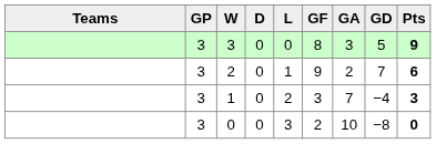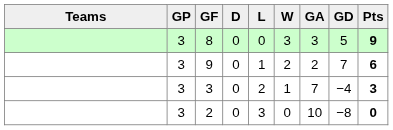 <table style=border-collapse:collapse border=1 cellspacing=0 cellpadding=5>
 <tr align=center bgcolor=#efefef>
 <th width=185>Teams</th>
 <th width=20>GP</th>
-<th width=20>W</th>
+<th width=20>GF</th>
 <th width=20>D</th>
 <th width=20>L</th>
-<th width=20>GF</th>
+<th width=20>W</th>
 <th width=20>GA</th>
 <th width=20>GD</th>
 <th width=20>Pts</th>
 </tr>
 <tr align=center style="background:#ccffcc;">
 <td style="text-align:left;"></td>
 <td>3</td>
-<td>3</td>
+<td>8</td>
 <td>0</td>
 <td>0</td>
-<td>8</td>
+<td>3</td>
 <td>3</td>
 <td>5</td>
 <td><strong>9</strong></td>
 </tr>
 <tr align=center>
 <td style="text-align:left;"></td>
 <td>3</td>
-<td>2</td>
+<td>9</td>
 <td>0</td>
 <td>1</td>
-<td>9</td>
+<td>2</td>
 <td>2</td>
 <td>7</td>
 <td><strong>6</strong></td>
 </tr>
 <tr align=center>
 <td style="text-align:left;"></td>
 <td>3</td>
-<td>1</td>
+<td>3</td>
 <td>0</td>
 <td>2</td>
-<td>3</td>
+<td>1</td>
 <td>7</td>
 <td>−4</td>
 <td><strong>3</strong></td>
 </tr>
 <tr align=center>
 <td style="text-align:left;"></td>
 <td>3</td>
-<td>0</td>
+<td>2</td>
 <td>0</td>
 <td>3</td>
-<td>2</td>
+<td>0</td>
 <td>10</td>
 <td>−8</td>
 <td><strong>0</strong></td>
 </tr>
 </table>
